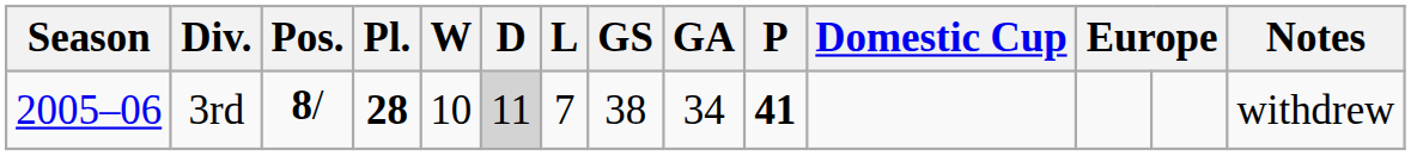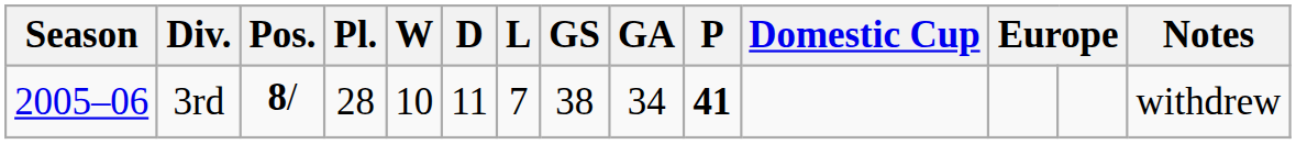 <table class="wikitable">
 <tr>
 <th>Season</th>
 <th>Div.</th>
 <th>Pos.</th>
 <th>Pl.</th>
 <th>W</th>
 <th>D</th>
 <th>L</th>
 <th>GS</th>
 <th>GA</th>
 <th>P</th>
 <th><a href='#'>Domestic Cup</a></th>
 <th colspan=2>Europe</th>
 <th>Notes</th>
 </tr>
 <tr>
 <td align=center><a href='#'>2005–06</a></td>
 <td align=center>3rd</td>
 <td align=center><strong>8</strong>/<sub></sub></td>
-<td align=center><strong>28</strong></td>
+<td align=center>28</td>
 <td align=center>10</td>
-<td align=center style="background: lightgrey;">11</td>
+<td align=center>11</td>
 <td align=center>7</td>
 <td align=center>38</td>
 <td align=center>34</td>
 <td align=center><strong>41</strong></td>
 <td align=center></td>
 <td align=center></td>
 <td align=center></td>
 <td align=center>withdrew</td>
 </tr>
 </table>
